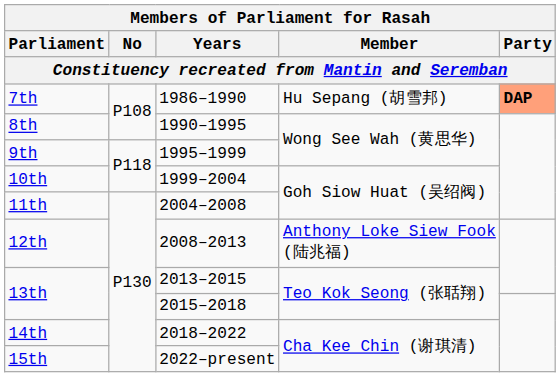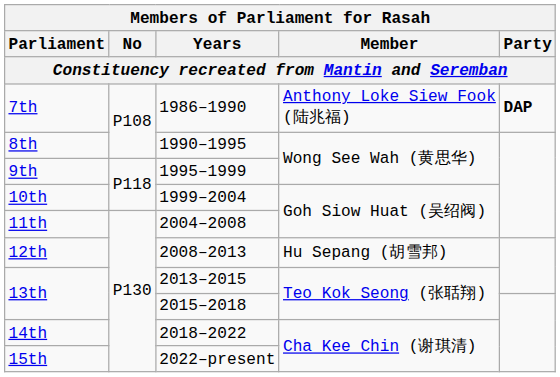 <table class=wikitable>
 <tr>
 <th colspan="5">Members of Parliament for Rasah</th>
 </tr>
 <tr>
 <th>Parliament</th>
 <th>No</th>
 <th>Years</th>
 <th>Member</th>
 <th>Party</th>
 </tr>
 <tr>
 <th colspan="5" align="center"><em>Constituency recreated from <a href='#'>Mantin</a> and <a href='#'>Seremban</a></em></th>
 </tr>
 <tr>
 <td><a href='#'>7th</a></td>
 <td rowspan="2">P108</td>
 <td>1986–1990</td>
-<td>Hu Sepang (胡雪邦)</td>
-<td style="background: lightsalmon;"><strong>DAP</strong></td>
+<td><a href='#'>Anthony Loke Siew Fook</a>  <br>(陆兆福)</td>
+<td><strong>DAP</strong></td>
 </tr>
 <tr>
 <td><a href='#'>8th</a></td>
 <td>1990–1995</td>
 <td rowspan=2>Wong See Wah (黄思华)</td>
 <td rowspan="4"></td>
 </tr>
 <tr>
 <td><a href='#'>9th</a></td>
 <td rowspan="2">P118</td>
 <td>1995–1999</td>
 </tr>
 <tr>
 <td><a href='#'>10th</a></td>
 <td>1999–2004</td>
 <td rowspan=2>Goh Siow Huat (吴绍阀)</td>
 </tr>
 <tr>
 <td><a href='#'>11th</a></td>
 <td rowspan=6>P130</td>
 <td>2004–2008</td>
 </tr>
 <tr>
 <td><a href='#'>12th</a></td>
 <td>2008–2013</td>
-<td><a href='#'>Anthony Loke Siew Fook</a>  <br>(陆兆福)</td>
+<td>Hu Sepang (胡雪邦)</td>
 <td rowspan="2"></td>
 </tr>
 <tr>
 <td rowspan=2><a href='#'>13th</a></td>
 <td>2013–2015</td>
 <td rowspan=2><a href='#'>Teo Kok Seong</a> (张聒翔)</td>
 </tr>
 <tr>
 <td>2015–2018</td>
 <td rowspan=3></td>
 </tr>
 <tr>
 <td><a href='#'>14th</a></td>
 <td>2018–2022</td>
 <td rowspan="2"><a href='#'>Cha Kee Chin</a>  (谢琪清)</td>
 </tr>
 <tr>
 <td><a href='#'>15th</a></td>
 <td>2022–present</td>
 </tr>
 </table>
